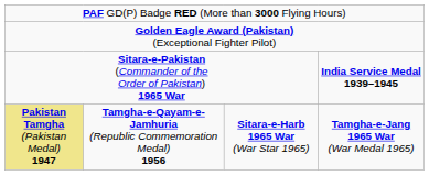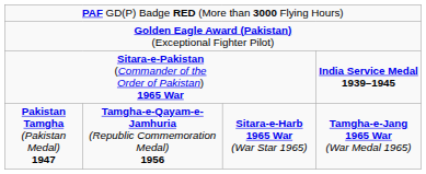 <table class="wikitable" style="margin:1em auto; text-align:center;">
 <tr>
 <td colspan="6"><strong><a href='#'>PAF</a></strong> GD(P) Badge <strong>RED</strong> (More than <strong>3000</strong> Flying Hours)</td>
 </tr>
 <tr>
 <td colspan="6"><strong><a href='#'>Golden Eagle Award (Pakistan)</a></strong><br>(Exceptional Fighter Pilot)</td>
 </tr>
 <tr>
 <td colspan="5"><strong><a href='#'>Sitara-e-Pakistan</a></strong><br>(<em><a href='#'>Commander of the<br>Order of Pakistan</a></em>)<br><strong><a href='#'>1965 War</a></strong></td>
 <td colspan="5"><strong><a href='#'>India Service Medal</a></strong><br><strong>1939–1945</strong></td>
 </tr>
 <tr>
-<td style="background: khaki;"><strong><a href='#'>Pakistan Tamgha</a></strong><br><em>(Pakistan Medal)</em><br><strong>1947</strong></td>
+<td><strong><a href='#'>Pakistan Tamgha</a></strong><br><em>(Pakistan Medal)</em><br><strong>1947</strong></td>
 <td colspan="3"><strong><a href='#'>Tamgha-e-Qayam-e-Jamhuria</a></strong><br><em>(Republic Commemoration Medal)</em><br><strong>1956</strong></td>
 <td><strong><a href='#'>Sitara-e-Harb 1965 War</a></strong><br><em>(War Star 1965)</em></td>
 <td><strong><a href='#'>Tamgha-e-Jang 1965 War</a></strong><br><em>(War Medal 1965)</em></td>
 </tr>
 </table>
